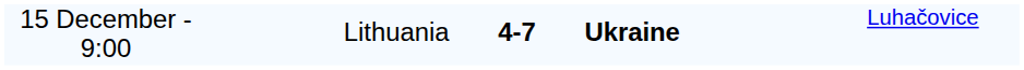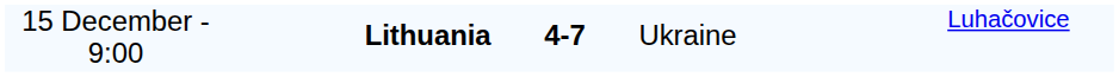 <table style="width: 100%; background:#F5FAFF;" cellspacing="0">
 <tr>
 <td align=center rowspan=3 width=20%>15 December - 9:00</td>
 </tr>
 <tr>
-<td width=24% align=right>Lithuania </td>
+<td width=24% align=right><strong>Lithuania </strong></td>
 <td align=center width=13%><strong>4-7</strong></td>
-<td width=24%><strong> Ukraine</strong></td>
+<td width=24%> Ukraine</td>
 <td style=font-size:85% rowspan=3 valign=top align=center><a href='#'>Luhačovice</a></td>
 </tr>
 <tr style=font-size:85%>
 <td align=right valign=top></td>
 <td></td>
 <td></td>
 </tr>
 </table>
